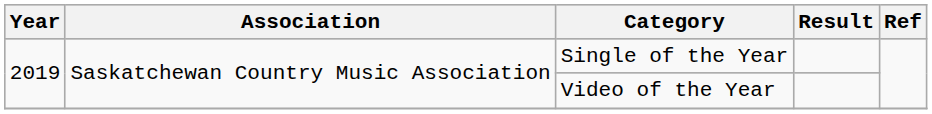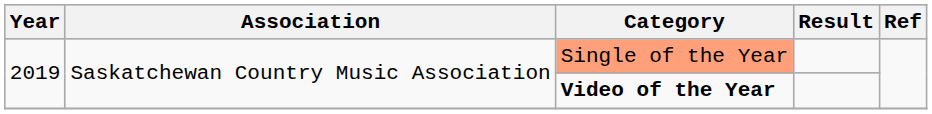 <table class="wikitable">
 <tr>
 <th>Year</th>
 <th>Association</th>
 <th>Category</th>
 <th>Result</th>
 <th>Ref</th>
 </tr>
 <tr>
 <td rowspan="2">2019</td>
 <td rowspan="2">Saskatchewan Country Music Association</td>
-<td>Single of the Year</td>
+<td style="background: lightsalmon;">Single of the Year</td>
 <td></td>
 <td rowspan="2"></td>
 </tr>
 <tr>
-<td>Video of the Year</td>
+<td><strong>Video of the Year</strong></td>
 <td></td>
 </tr>
 <tr>
 </tr>
 </table>
